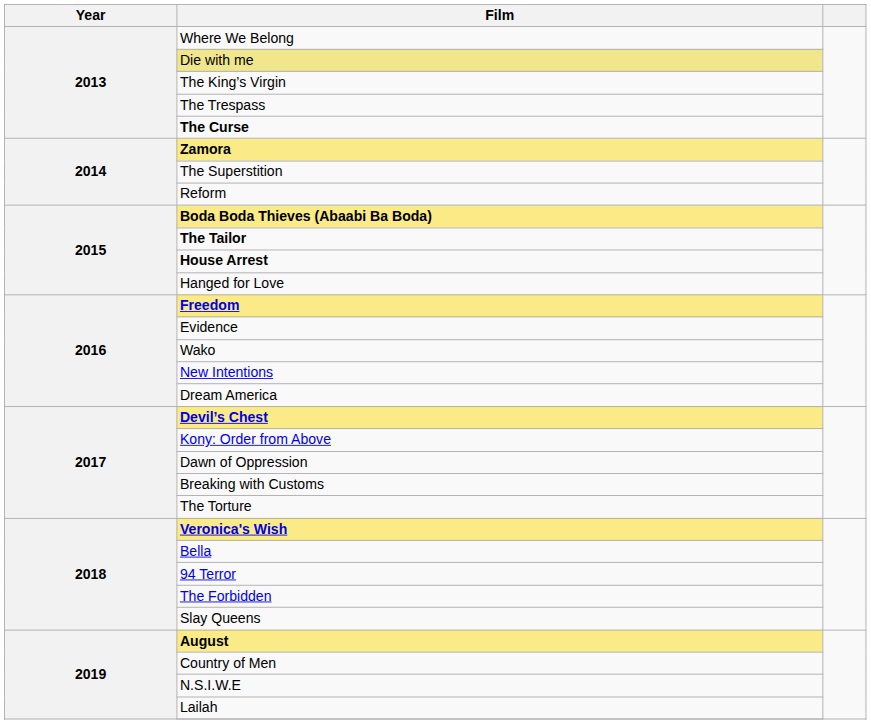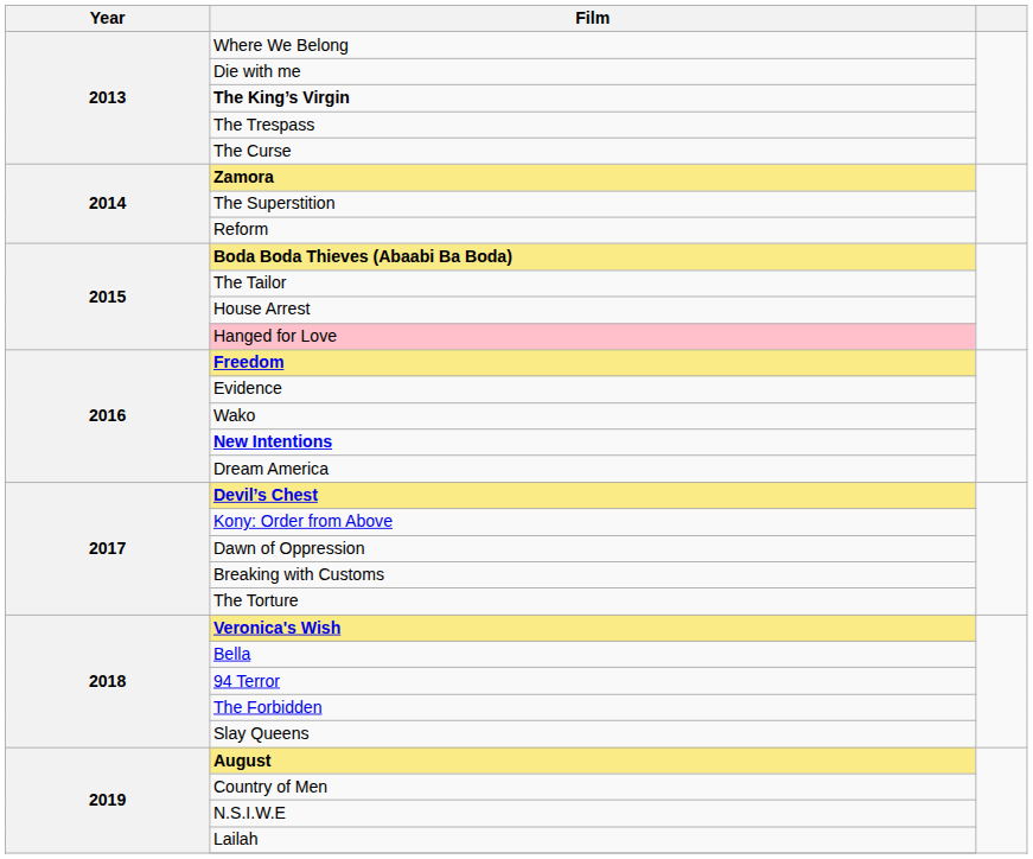 <table class="wikitable sortable">
 <tr>
 <th scope="col" style="width:8%;">Year</th>
 <th scope="col" style="width:30%;">Film</th>
 <th scope="col" style="width:2%;" class="unsortable"></th>
 </tr>
 <tr>
 <th scope="row" rowspan=5 style="text-align:center;">2013 <br></th>
 <td>Where We Belong</td>
 <td rowspan="5"></td>
 </tr>
 <tr>
-<td style="background: khaki;">Die with me</td>
+<td>Die with me</td>
 </tr>
 <tr>
-<td>The King’s Virgin</td>
+<td><strong>The King’s Virgin</strong></td>
 </tr>
 <tr>
 <td>The  Trespass</td>
 </tr>
 <tr>
-<td><strong>The Curse</strong></td>
+<td>The Curse</td>
 </tr>
 <tr>
 <th scope="row" rowspan=3 style="text-align:center;">2014 <br></th>
 <td style="background:#FAEB86;"><strong>Zamora</strong></td>
 <td rowspan="3"></td>
 </tr>
 <tr>
 <td>The Superstition</td>
 </tr>
 <tr>
 <td>Reform</td>
 </tr>
 <tr>
 <th scope="row" rowspan=4 style="text-align:center;">2015 <br></th>
 <td style="background:#FAEB86;"><strong>Boda Boda Thieves (Abaabi Ba Boda)</strong></td>
 <td rowspan="4"></td>
 </tr>
 <tr>
-<td><strong>The Tailor</strong></td>
+<td>The Tailor</td>
 </tr>
 <tr>
-<td><strong>House Arrest</strong></td>
+<td>House Arrest</td>
 </tr>
 <tr>
-<td>Hanged for Love</td>
+<td style="background: pink;">Hanged for Love</td>
 </tr>
 <tr>
 <th scope="row" rowspan=5 style="text-align:center;">2016 <br></th>
 <td style="background:#FAEB86;"><strong><a href='#'>Freedom</a></strong></td>
 <td rowspan="5"></td>
 </tr>
 <tr>
 <td>Evidence</td>
 </tr>
 <tr>
 <td>Wako</td>
 </tr>
 <tr>
-<td><a href='#'>New Intentions</a></td>
+<td><strong><a href='#'>New Intentions</a></strong></td>
 </tr>
 <tr>
 <td>Dream America</td>
 </tr>
 <tr>
 <th scope="row" rowspan=5 style="text-align:center;">2017 <br></th>
 <td style="background:#FAEB86;"><strong><a href='#'>Devil’s Chest</a></strong></td>
 <td rowspan="5"></td>
 </tr>
 <tr>
 <td><a href='#'>Kony: Order from Above</a></td>
 </tr>
 <tr>
 <td>Dawn of Oppression</td>
 </tr>
 <tr>
 <td>Breaking with Customs</td>
 </tr>
 <tr>
 <td>The Torture</td>
 </tr>
 <tr>
 <th scope="row" rowspan=5 style="text-align:center;">2018 <br></th>
 <td style="background:#FAEB86;"><strong><a href='#'>Veronica's Wish</a></strong></td>
 <td rowspan="5"></td>
 </tr>
 <tr>
 <td><a href='#'>Bella</a></td>
 </tr>
 <tr>
 <td><a href='#'>94 Terror</a></td>
 </tr>
 <tr>
 <td><a href='#'>The Forbidden</a></td>
 </tr>
 <tr>
 <td>Slay Queens</td>
 </tr>
 <tr>
 <th scope="row" rowspan=5 style="text-align:center;">2019 <br></th>
 <td style="background:#FAEB86;"><strong> August</strong></td>
 <td rowspan="5"></td>
 </tr>
 <tr>
 <td>Country of Men</td>
 </tr>
 <tr>
 <td>N.S.I.W.E</td>
 </tr>
 <tr>
 <td>Lailah</td>
 </tr>
 <tr>
 </tr>
 </table>
